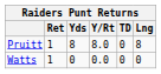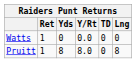 <table class="wikitable">
 <tr>
 <th colspan="6">Raiders Punt Returns</th>
 </tr>
 <tr>
 <th></th>
 <th>Ret</th>
 <th>Yds</th>
 <th>Y/Rt</th>
 <th>TD</th>
 <th>Lng</th>
 </tr>
 <tr>
+<td><a href='#'>Watts</a></td>
+<td>1</td>
+<td>0</td>
+<td>0.0</td>
+<td>0</td>
+<td>0</td>
+</tr>
+<tr>
 <td><a href='#'>Pruitt</a></td>
 <td>1</td>
 <td>8</td>
 <td>8.0</td>
 <td>0</td>
 <td>8</td>
 </tr>
-<tr>
-<td><a href='#'>Watts</a></td>
-<td>1</td>
-<td>0</td>
-<td>0.0</td>
-<td>0</td>
-<td>0</td>
-</tr>
 </table>
